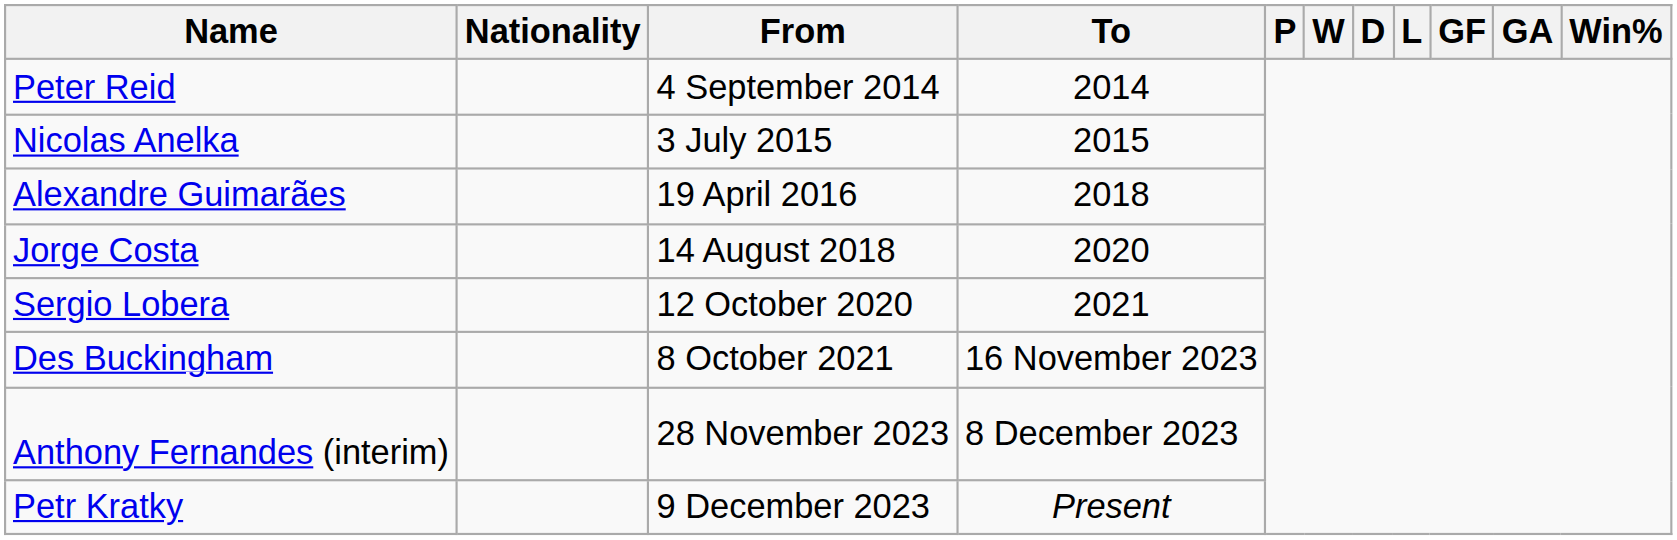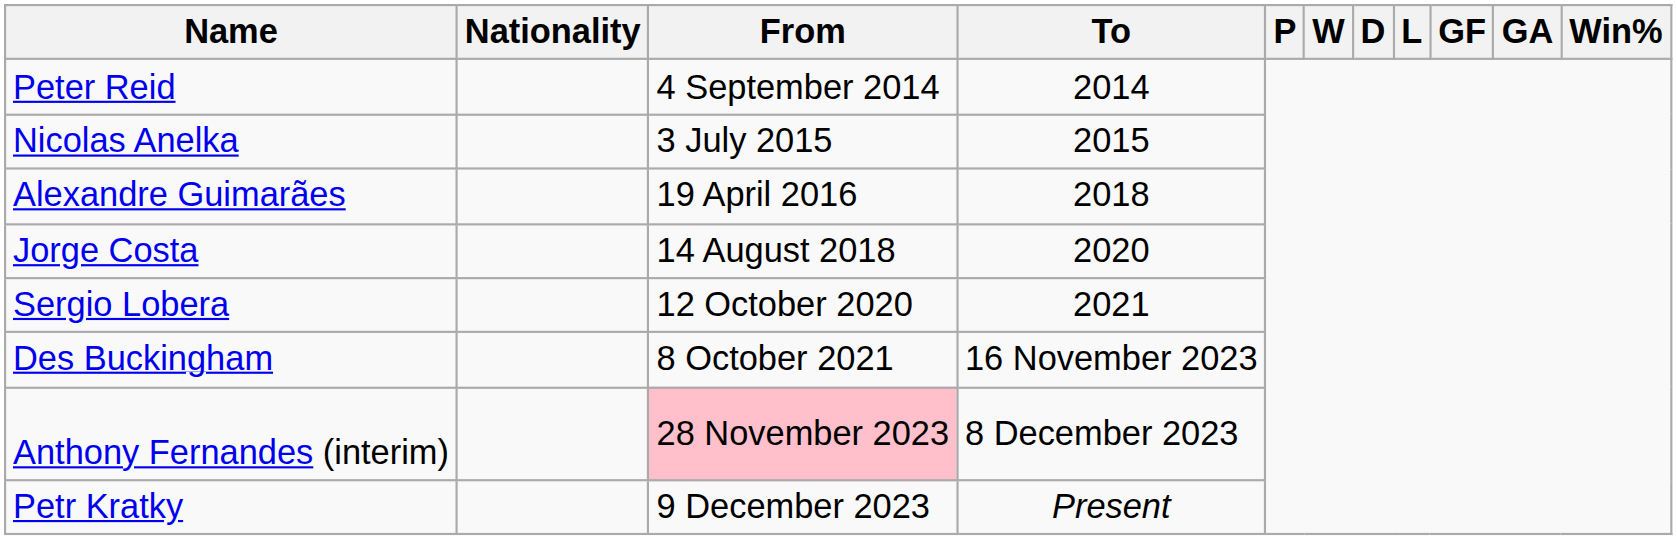 <table class="wikitable plainrowheaders sortable" style="text-align:center">
 <tr>
 <th>Name</th>
 <th>Nationality</th>
 <th>From</th>
 <th class="unsortable">To</th>
 <th>P</th>
 <th>W</th>
 <th>D</th>
 <th>L</th>
 <th>GF</th>
 <th>GA</th>
 <th>Win%</th>
 </tr>
 <tr>
 <td scope=row style=text-align:left><a href='#'>Peter Reid</a></td>
 <td align=left></td>
 <td align=left>4 September 2014</td>
 <td align=center>2014<br></td>
 </tr>
 <tr>
 <td scope=row style=text-align:left><a href='#'>Nicolas Anelka</a></td>
 <td align=left></td>
 <td align=left>3 July 2015</td>
 <td align=center>2015<br></td>
 </tr>
 <tr>
 <td scope=row style=text-align:left><a href='#'>Alexandre Guimarães</a></td>
 <td align=left></td>
 <td align=left>19 April 2016</td>
 <td align=center>2018<br></td>
 </tr>
 <tr>
 <td scope=row style=text-align:left><a href='#'>Jorge Costa</a></td>
 <td align=left></td>
 <td align=left>14 August 2018</td>
 <td align=center>2020<br></td>
 </tr>
 <tr>
 <td scope=row style=text-align:left><a href='#'>Sergio Lobera</a></td>
 <td align=left></td>
 <td align=left>12 October 2020</td>
 <td align=center>2021<br></td>
 </tr>
 <tr>
 <td scope=row style=text-align:left><a href='#'>Des Buckingham</a></td>
 <td align=left></td>
 <td align=left>8 October 2021</td>
 <td align=center>16 November 2023<br></td>
 </tr>
 <tr>
 <td scope=row style=text-align:left><br><a href='#'>Anthony Fernandes</a> (interim)</td>
 <td align=left></td>
-<td align=left>28 November 2023</td>
+<td align=left style="background: pink;">28 November 2023</td>
 <td align=left>8 December 2023<br></td>
 </tr>
 <tr>
 <td scope=row style=text-align:left><a href='#'>Petr Kratky</a></td>
 <td align=left></td>
 <td align=left>9 December 2023</td>
 <td align=center><em>Present</em><br></td>
 </tr>
 </table>
